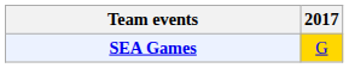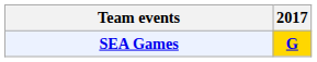 <table style='font-size: 90%; text-align:center;' class='wikitable'>
 <tr>
 <th>Team events</th>
 <th>2017</th>
 </tr>
 <tr>
 <td bgcolor=ECF2FF style="width: 240px;align=left"><strong><a href='#'>SEA Games</a></strong></td>
-<td bgcolor=gold><a href='#'>G</a></td>
+<td bgcolor=gold><strong><a href='#'>G</a></strong></td>
 </tr>
 </table>
